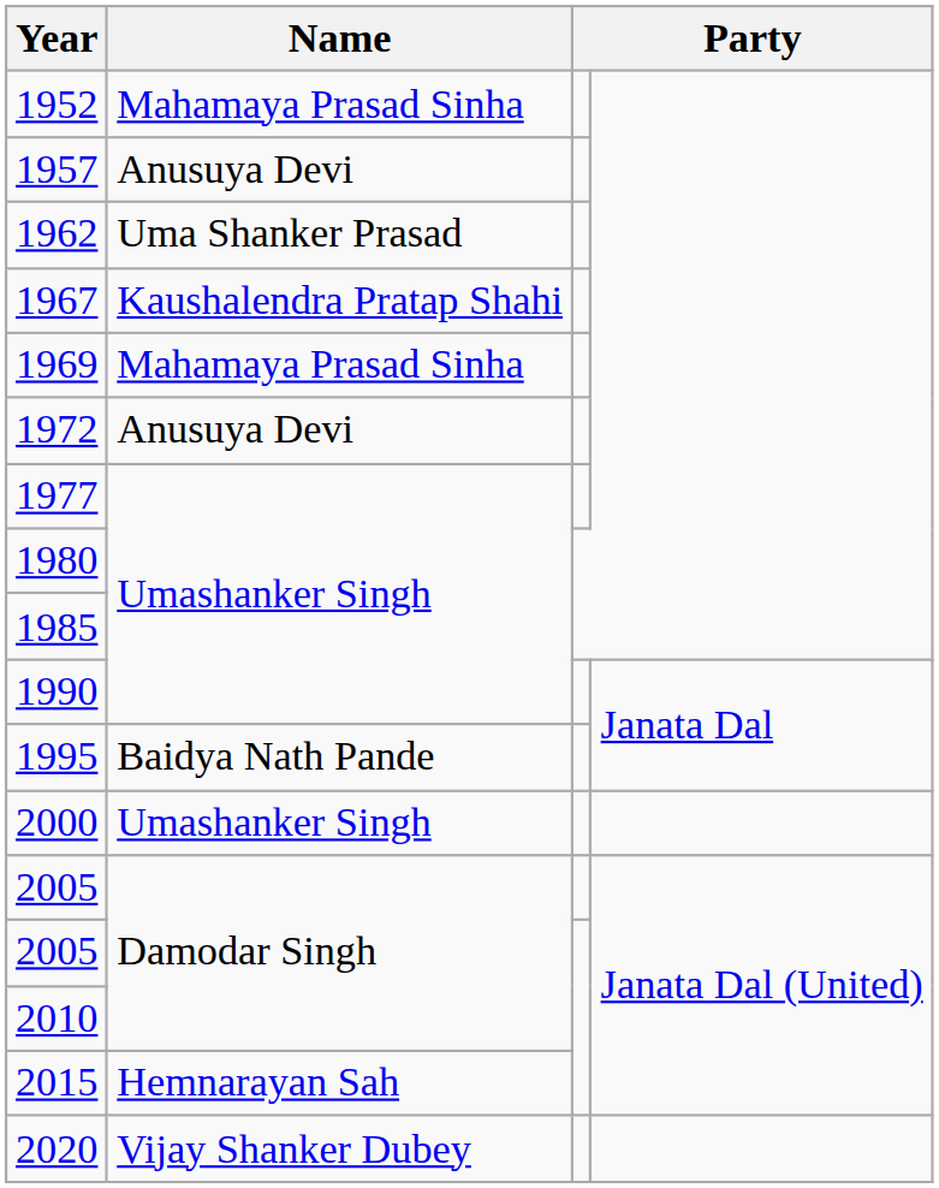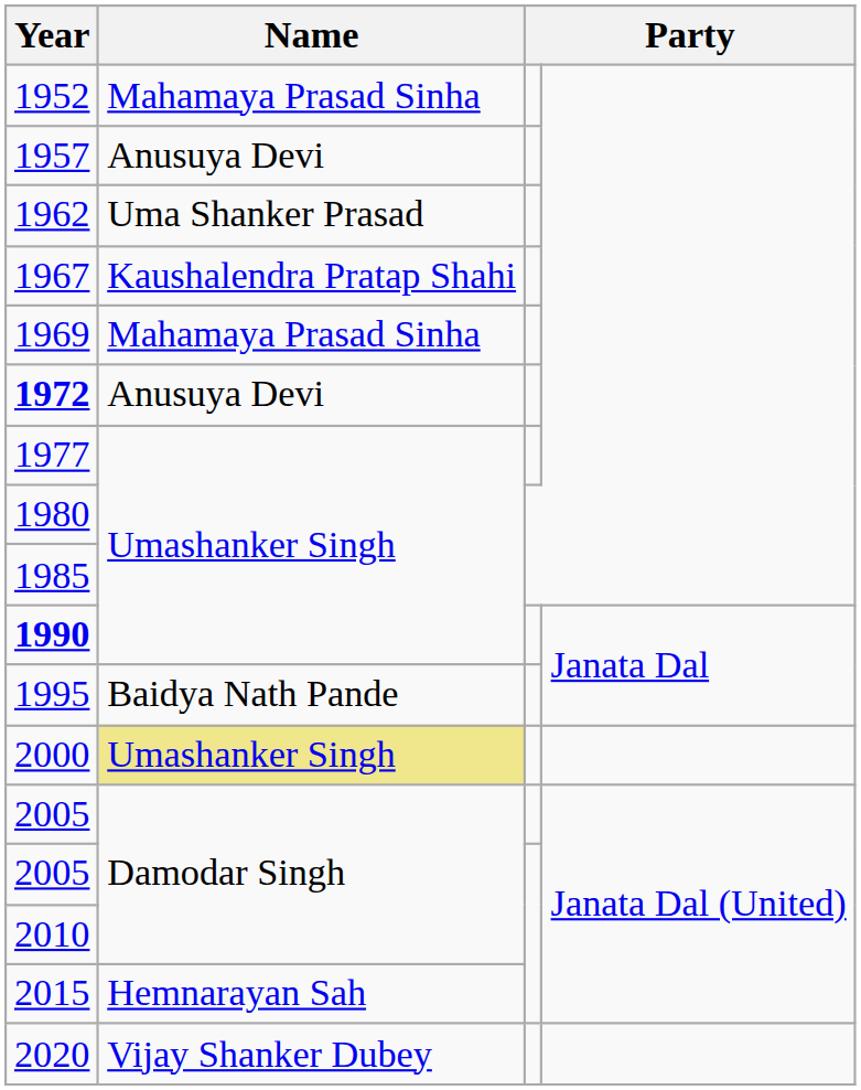 <table class="wikitable sortable">
 <tr>
 <th>Year</th>
 <th>Name</th>
 <th colspan="2">Party</th>
 </tr>
 <tr>
 <td><a href='#'>1952</a></td>
 <td><a href='#'>Mahamaya Prasad Sinha</a></td>
 <td></td>
 </tr>
 <tr>
 <td><a href='#'>1957</a></td>
 <td>Anusuya Devi</td>
 <td></td>
 </tr>
 <tr>
 <td><a href='#'>1962</a></td>
 <td>Uma Shanker Prasad</td>
 <td></td>
 </tr>
 <tr>
 <td><a href='#'>1967</a></td>
 <td><a href='#'>Kaushalendra Pratap Shahi</a></td>
 <td></td>
 </tr>
 <tr>
 <td><a href='#'>1969</a></td>
 <td><a href='#'>Mahamaya Prasad Sinha</a></td>
 <td></td>
 </tr>
 <tr>
-<td><a href='#'>1972</a></td>
+<td><strong><a href='#'>1972</a></strong></td>
 <td>Anusuya Devi</td>
 <td></td>
 </tr>
 <tr>
 <td><a href='#'>1977</a></td>
 <td rowspan="4"><a href='#'>Umashanker Singh</a></td>
 <td></td>
 </tr>
 <tr>
 <td><a href='#'>1980</a></td>
 </tr>
 <tr>
 <td><a href='#'>1985</a></td>
 </tr>
 <tr>
-<td><a href='#'>1990</a></td>
+<td><strong><a href='#'>1990</a></strong></td>
 <td style="background-color: "></td>
 <td rowspan="2"><a href='#'>Janata Dal</a></td>
 </tr>
 <tr>
 <td><a href='#'>1995</a></td>
 <td>Baidya Nath Pande</td>
 </tr>
 <tr>
 <td><a href='#'>2000</a></td>
-<td><a href='#'>Umashanker Singh</a></td>
+<td style="background: khaki;"><a href='#'>Umashanker Singh</a></td>
 <td></td>
 </tr>
 <tr>
 <td><a href='#'>2005</a></td>
 <td rowspan="3">Damodar Singh</td>
 <td style="background-color: "></td>
 <td rowspan="4"><a href='#'>Janata Dal (United)</a></td>
 </tr>
 <tr>
 <td><a href='#'>2005</a></td>
 </tr>
 <tr>
 <td><a href='#'>2010</a></td>
 </tr>
 <tr>
 <td><a href='#'>2015</a></td>
 <td><a href='#'>Hemnarayan Sah</a></td>
 </tr>
 <tr>
 <td><a href='#'>2020</a></td>
 <td><a href='#'>Vijay Shanker Dubey</a></td>
 <td></td>
 </tr>
 </table>
